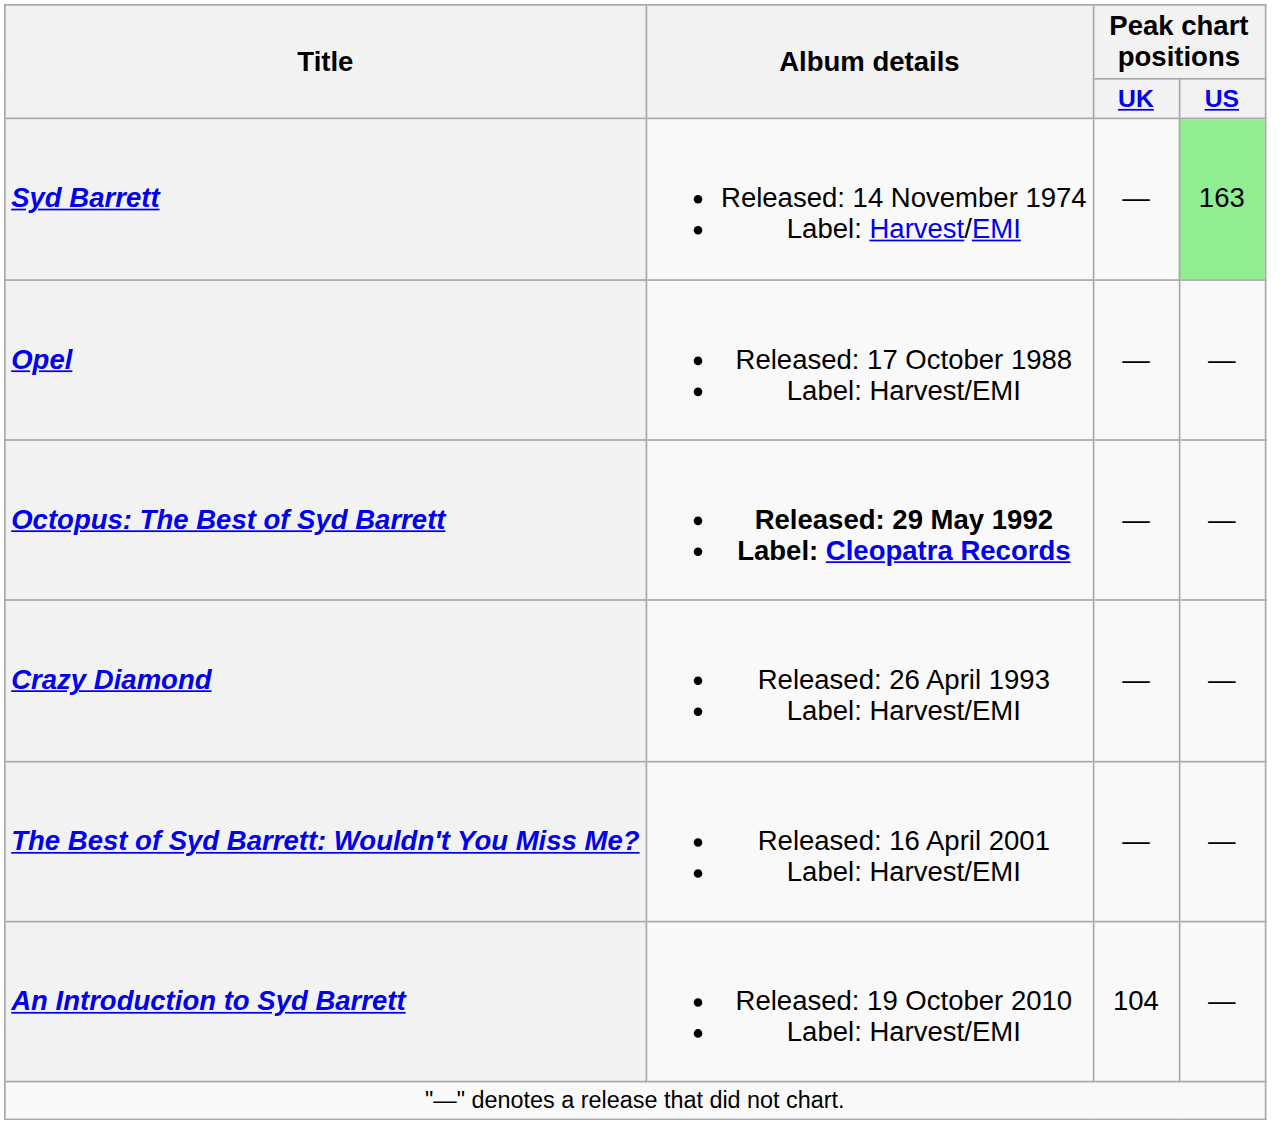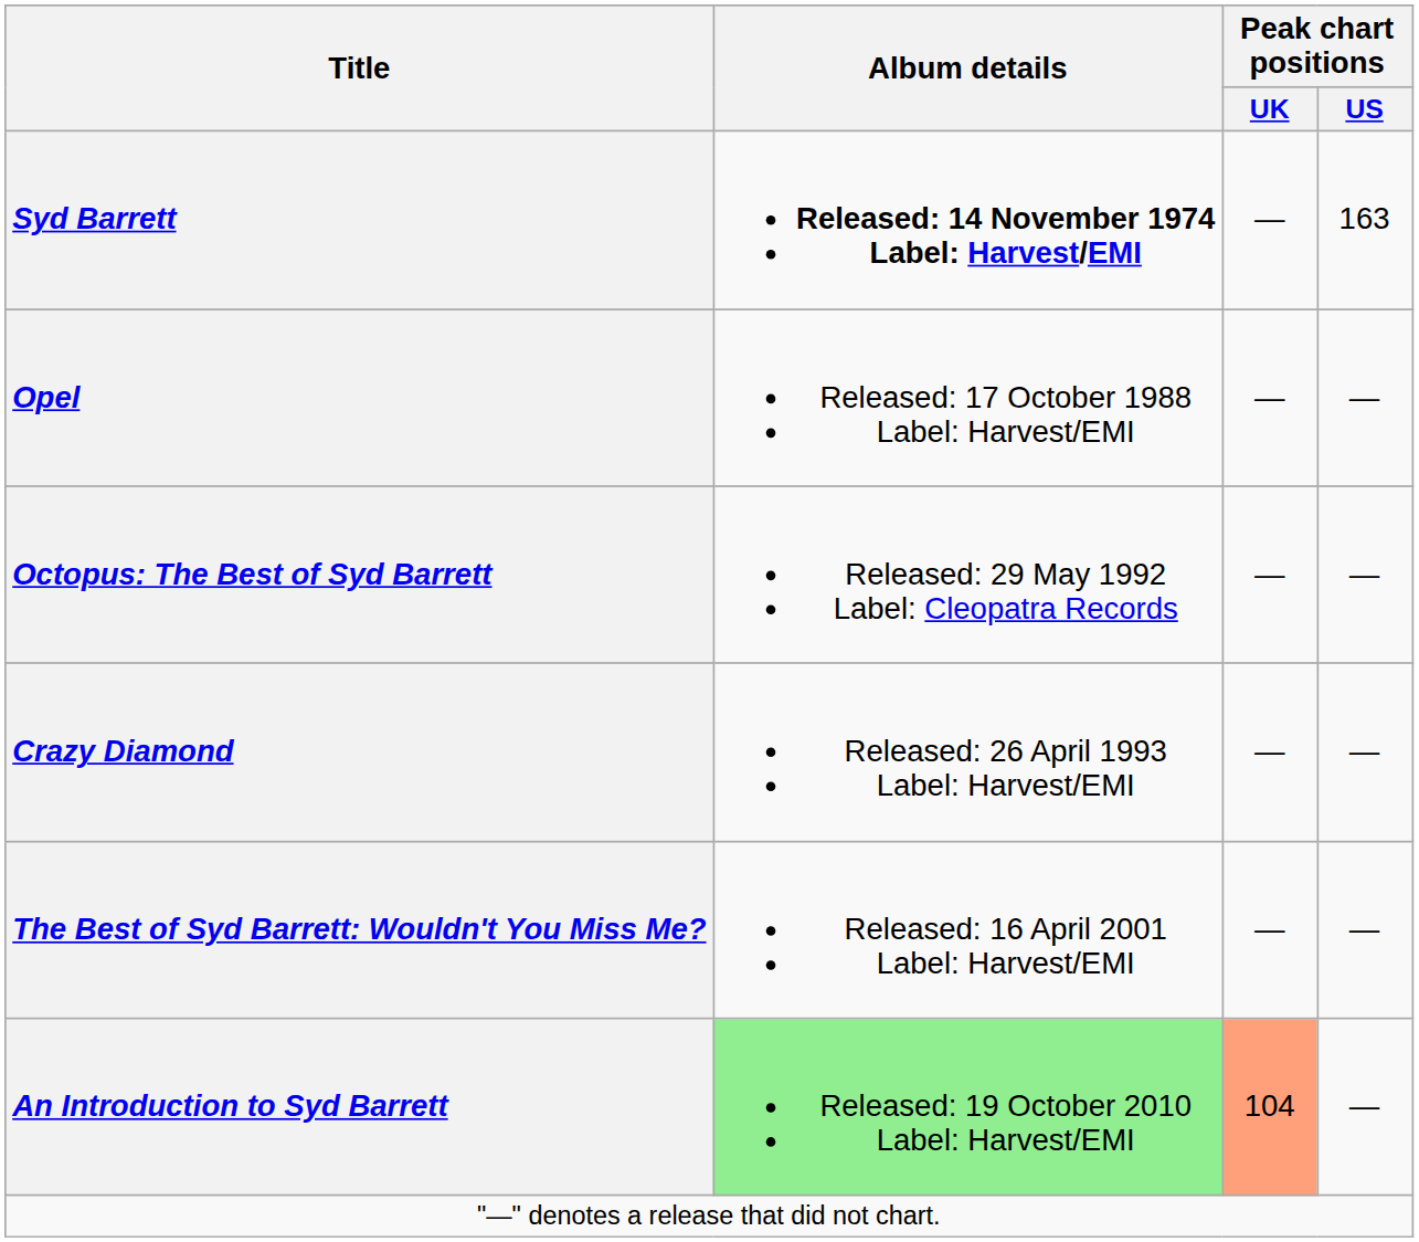 <table class="wikitable plainrowheaders" style="text-align:center;">
 <tr>
 <th scope="col" rowspan="2">Title</th>
 <th scope="col" rowspan="2">Album details</th>
 <th scope="col" colspan="2">Peak chart positions</th>
 </tr>
 <tr>
 <th style="width:3em;font-size:90%;"><a href='#'>UK</a><br></th>
 <th style="width:3em;font-size:90%;"><a href='#'>US</a><br></th>
 </tr>
 <tr>
 <th scope="row" style="text-align:left"><em><a href='#'>Syd Barrett</a></em></th>
-<td><br><ul><li>Released: 14 November 1974</li><li>Label: <a href='#'>Harvest</a>/<a href='#'>EMI</a></li></ul></td>
+<td><strong><br><ul><li>Released: 14 November 1974</li><li>Label: <a href='#'>Harvest</a>/<a href='#'>EMI</a></li></ul></strong></td>
 <td>—</td>
-<td style="background: lightgreen;">163</td>
+<td>163</td>
 </tr>
 <tr>
 <th scope="row" style="text-align:left"><em><a href='#'>Opel</a></em></th>
 <td><br><ul><li>Released: 17 October 1988</li><li>Label: Harvest/EMI</li></ul></td>
 <td>—</td>
 <td>—</td>
 </tr>
 <tr>
 <th scope="row" style="text-align:left"><em><a href='#'>Octopus: The Best of Syd Barrett</a></em></th>
-<td><strong><br><ul><li>Released: 29 May 1992</li><li>Label: <a href='#'>Cleopatra Records</a></li></ul></strong></td>
+<td><br><ul><li>Released: 29 May 1992</li><li>Label: <a href='#'>Cleopatra Records</a></li></ul></td>
 <td>—</td>
 <td>—</td>
 </tr>
 <tr>
 <th scope="row" style="text-align:left"><em><a href='#'>Crazy Diamond</a></em></th>
 <td><br><ul><li>Released: 26 April 1993</li><li>Label: Harvest/EMI</li></ul></td>
 <td>—</td>
 <td>—</td>
 </tr>
 <tr>
 <th scope="row" style="text-align:left"><em><a href='#'>The Best of Syd Barrett: Wouldn't You Miss Me?</a></em></th>
 <td><br><ul><li>Released: 16 April 2001</li><li>Label: Harvest/EMI</li></ul></td>
 <td>—</td>
 <td>—</td>
 </tr>
 <tr>
 <th scope="row" style="text-align:left"><em><a href='#'>An Introduction to Syd Barrett</a></em></th>
-<td><br><ul><li>Released: 19 October 2010</li><li>Label: Harvest/EMI</li></ul></td>
-<td>104</td>
+<td style="background: lightgreen;"><br><ul><li>Released: 19 October 2010</li><li>Label: Harvest/EMI</li></ul></td>
+<td style="background: lightsalmon;">104</td>
 <td>—</td>
 </tr>
 <tr>
 <td colspan="9" style="font-size:85%;">"—" denotes a release that did not chart.</td>
 </tr>
 </table>
